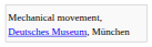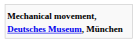 <table style="width:200px; float:right; border:1px solid #ccc; background:#f9f9f9; font-size:88%; line-height:1.5em;">
 <tr>
 <td></td>
 </tr>
 <tr>
-<td>Mechanical movement, <a href='#'>Deutsches Museum</a>, München</td>
+<td><strong>Mechanical movement, <a href='#'>Deutsches Museum</a>, München</strong></td>
 </tr>
 </table>
